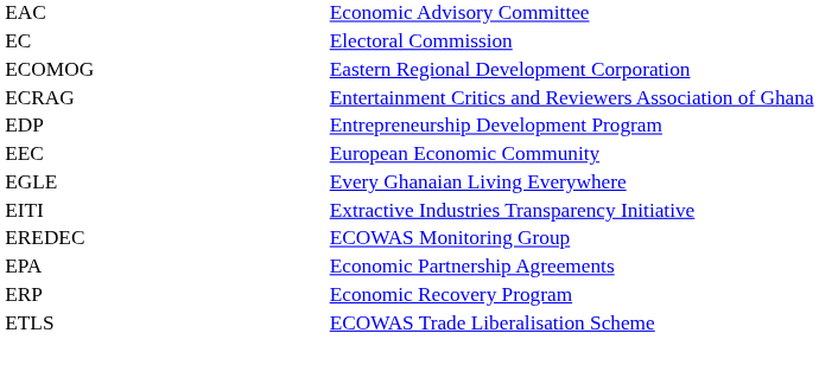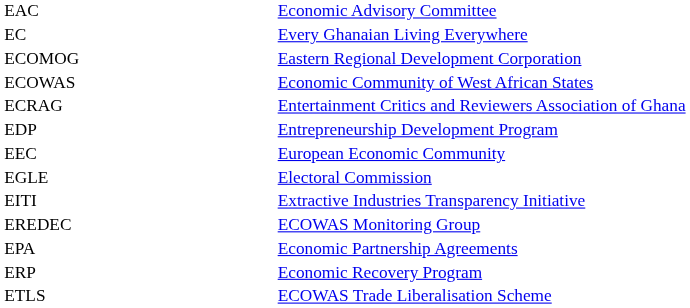 <table width="100%" style="text-verticalalign:top">
 <tr>
 <td width="20%">EAC</td>
 <td width="40%"><a href='#'>Economic Advisory Committee</a></td>
 <td width="40%"></td>
 </tr>
 <tr>
 <td>EC</td>
-<td><a href='#'>Electoral Commission</a></td>
+<td><a href='#'>Every Ghanaian Living Everywhere</a></td>
 <td></td>
 </tr>
 <tr>
 <td>ECOMOG</td>
 <td><a href='#'>Eastern Regional Development Corporation</a></td>
+<td></td>
+</tr>
+<tr>
+<td>ECOWAS</td>
+<td><a href='#'>Economic Community of West African States</a></td>
 <td></td>
 </tr>
 <tr>
 <td>ECRAG</td>
 <td><a href='#'>Entertainment Critics and Reviewers Association of Ghana</a></td>
 <td></td>
 </tr>
 <tr>
 <td>EDP</td>
 <td><a href='#'>Entrepreneurship Development Program</a></td>
 <td></td>
 </tr>
 <tr>
 <td>EEC</td>
 <td><a href='#'>European Economic Community</a></td>
 <td></td>
 </tr>
 <tr>
 <td>EGLE</td>
-<td><a href='#'>Every Ghanaian Living Everywhere</a></td>
+<td><a href='#'>Electoral Commission</a></td>
 <td></td>
 </tr>
 <tr>
 <td>EITI</td>
 <td><a href='#'>Extractive Industries Transparency Initiative</a></td>
 <td></td>
 </tr>
 <tr>
 <td>EREDEC</td>
 <td><a href='#'>ECOWAS Monitoring Group</a></td>
 <td></td>
 </tr>
 <tr>
 <td>EPA</td>
 <td><a href='#'>Economic Partnership Agreements</a></td>
 <td></td>
 </tr>
 <tr>
 <td>ERP</td>
 <td><a href='#'>Economic Recovery Program</a></td>
 <td></td>
 </tr>
 <tr>
 <td>ETLS</td>
 <td><a href='#'>ECOWAS Trade Liberalisation Scheme</a></td>
 <td></td>
 </tr>
 </table>
